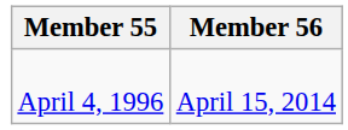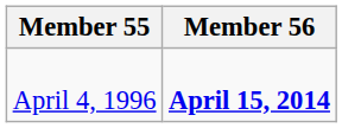 <table class=wikitable align=right>
 <tr>
 <th>Member 55</th>
 <th>Member 56</th>
 </tr>
 <tr>
 <td><br><a href='#'>April 4, 1996</a></td>
-<td><br><a href='#'>April 15, 2014</a></td>
+<td><strong><br><a href='#'>April 15, 2014</a></strong></td>
 </tr>
 </table>
